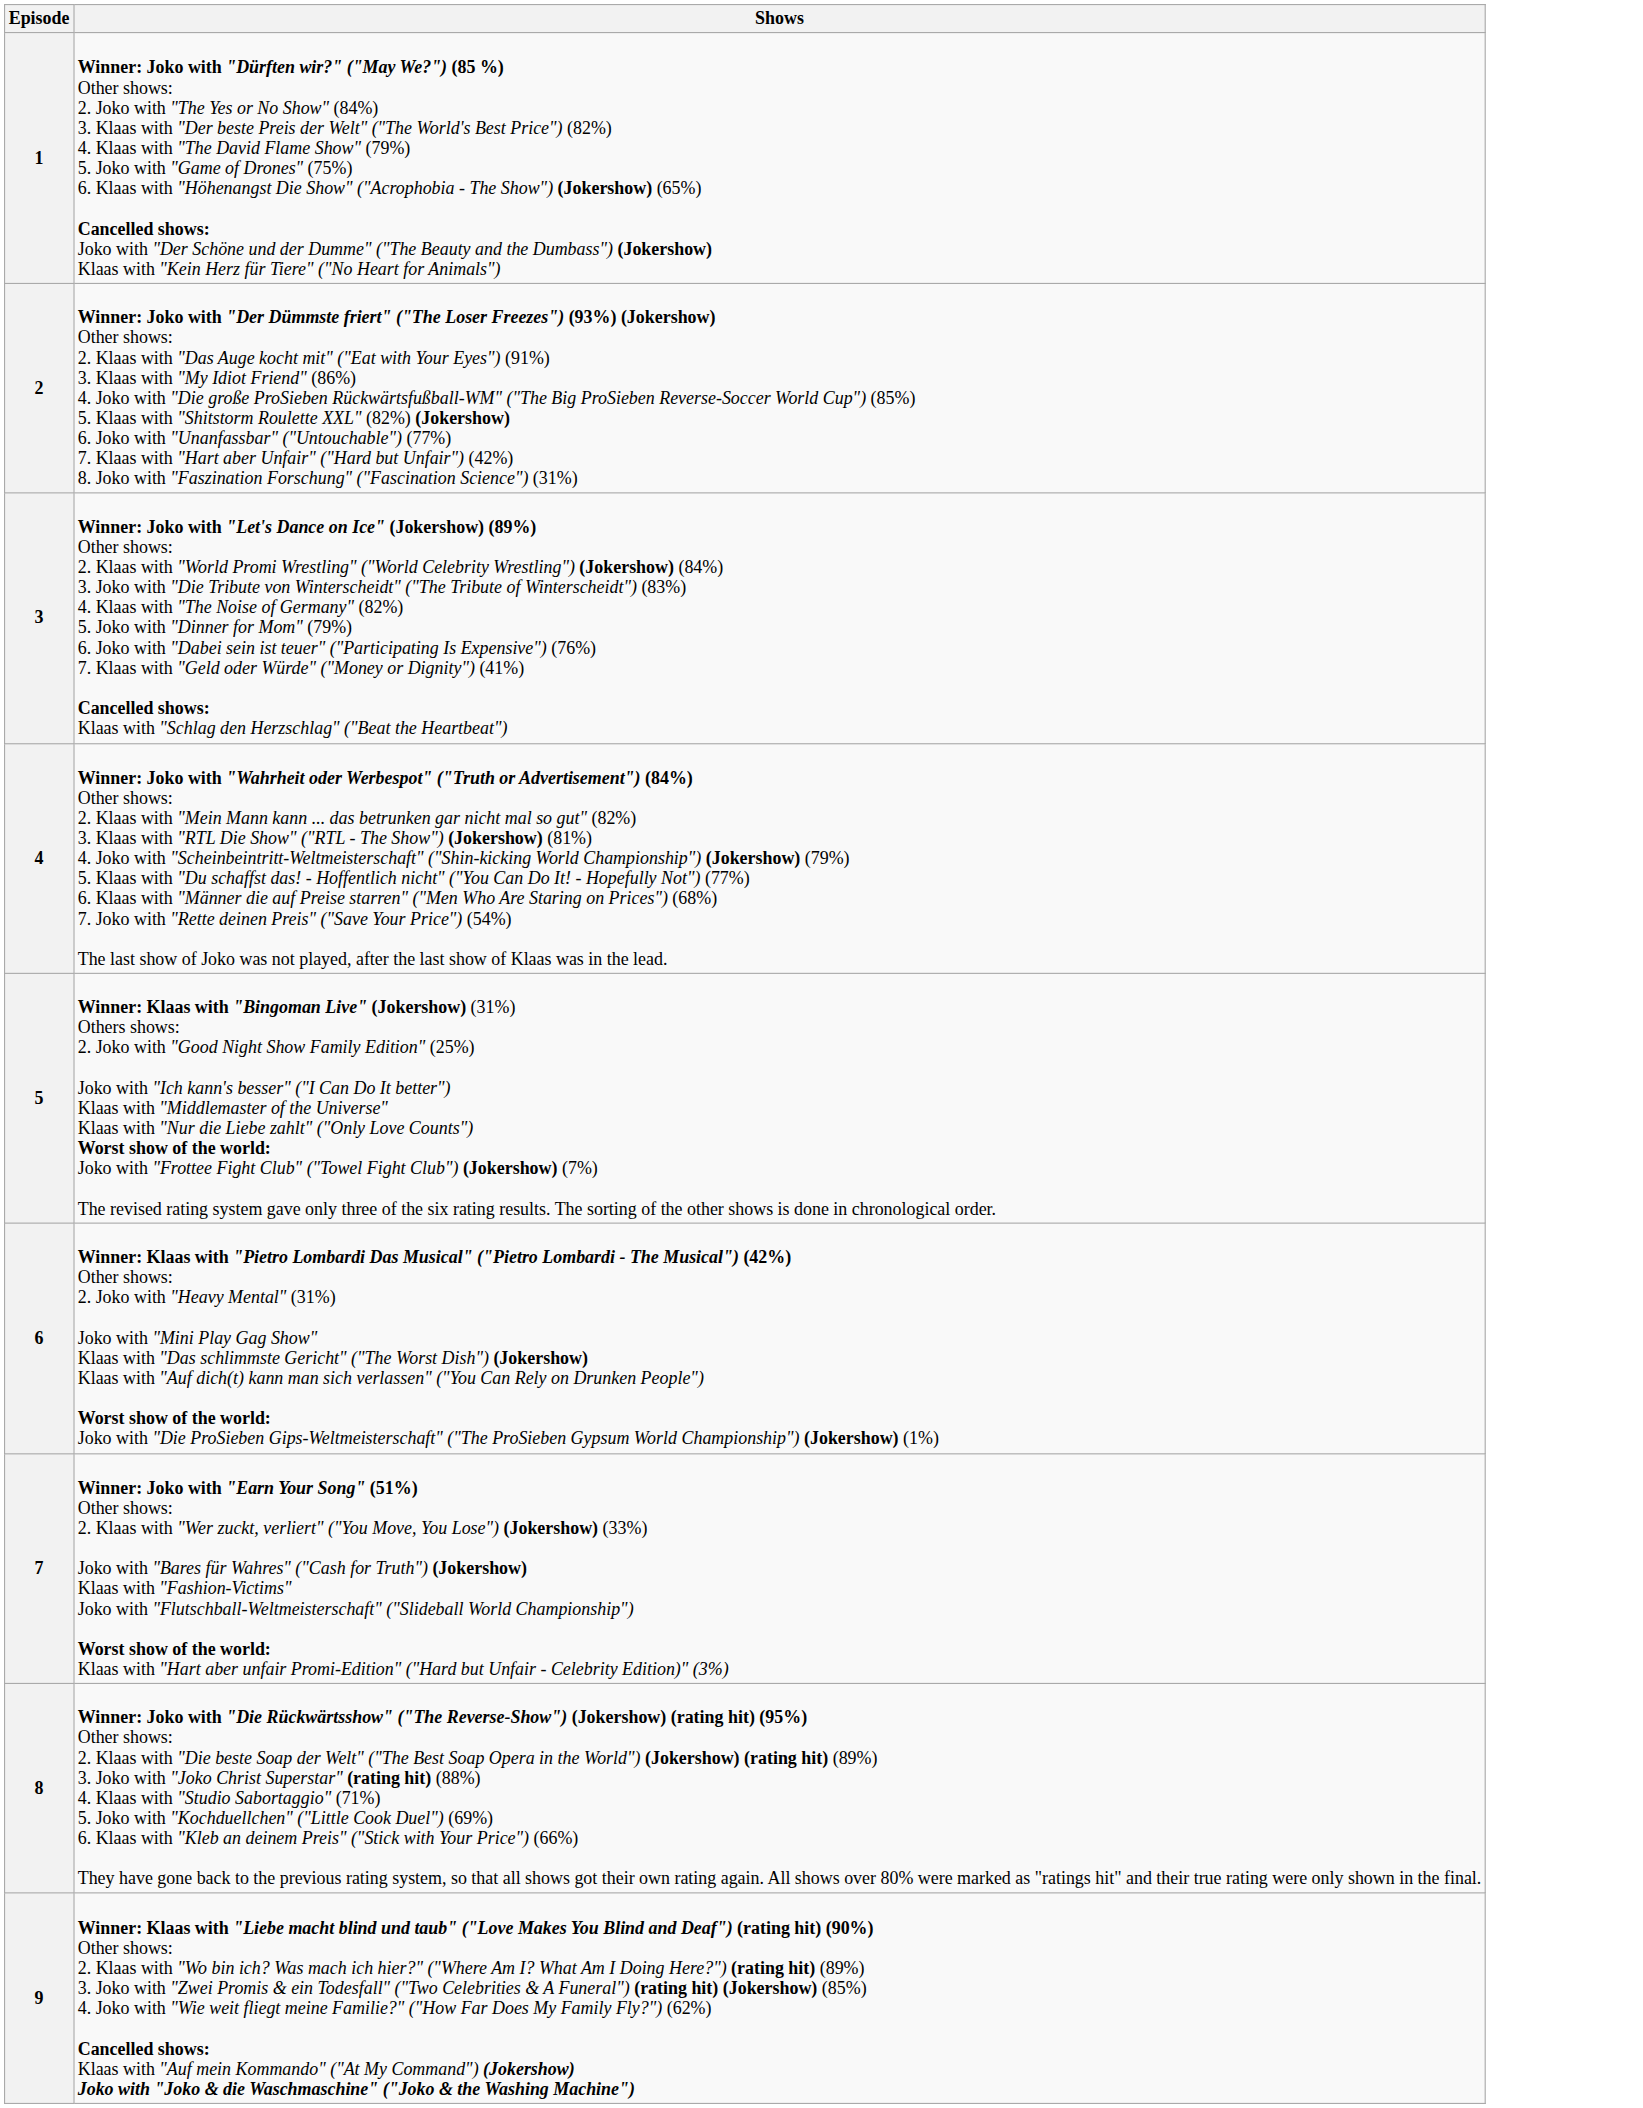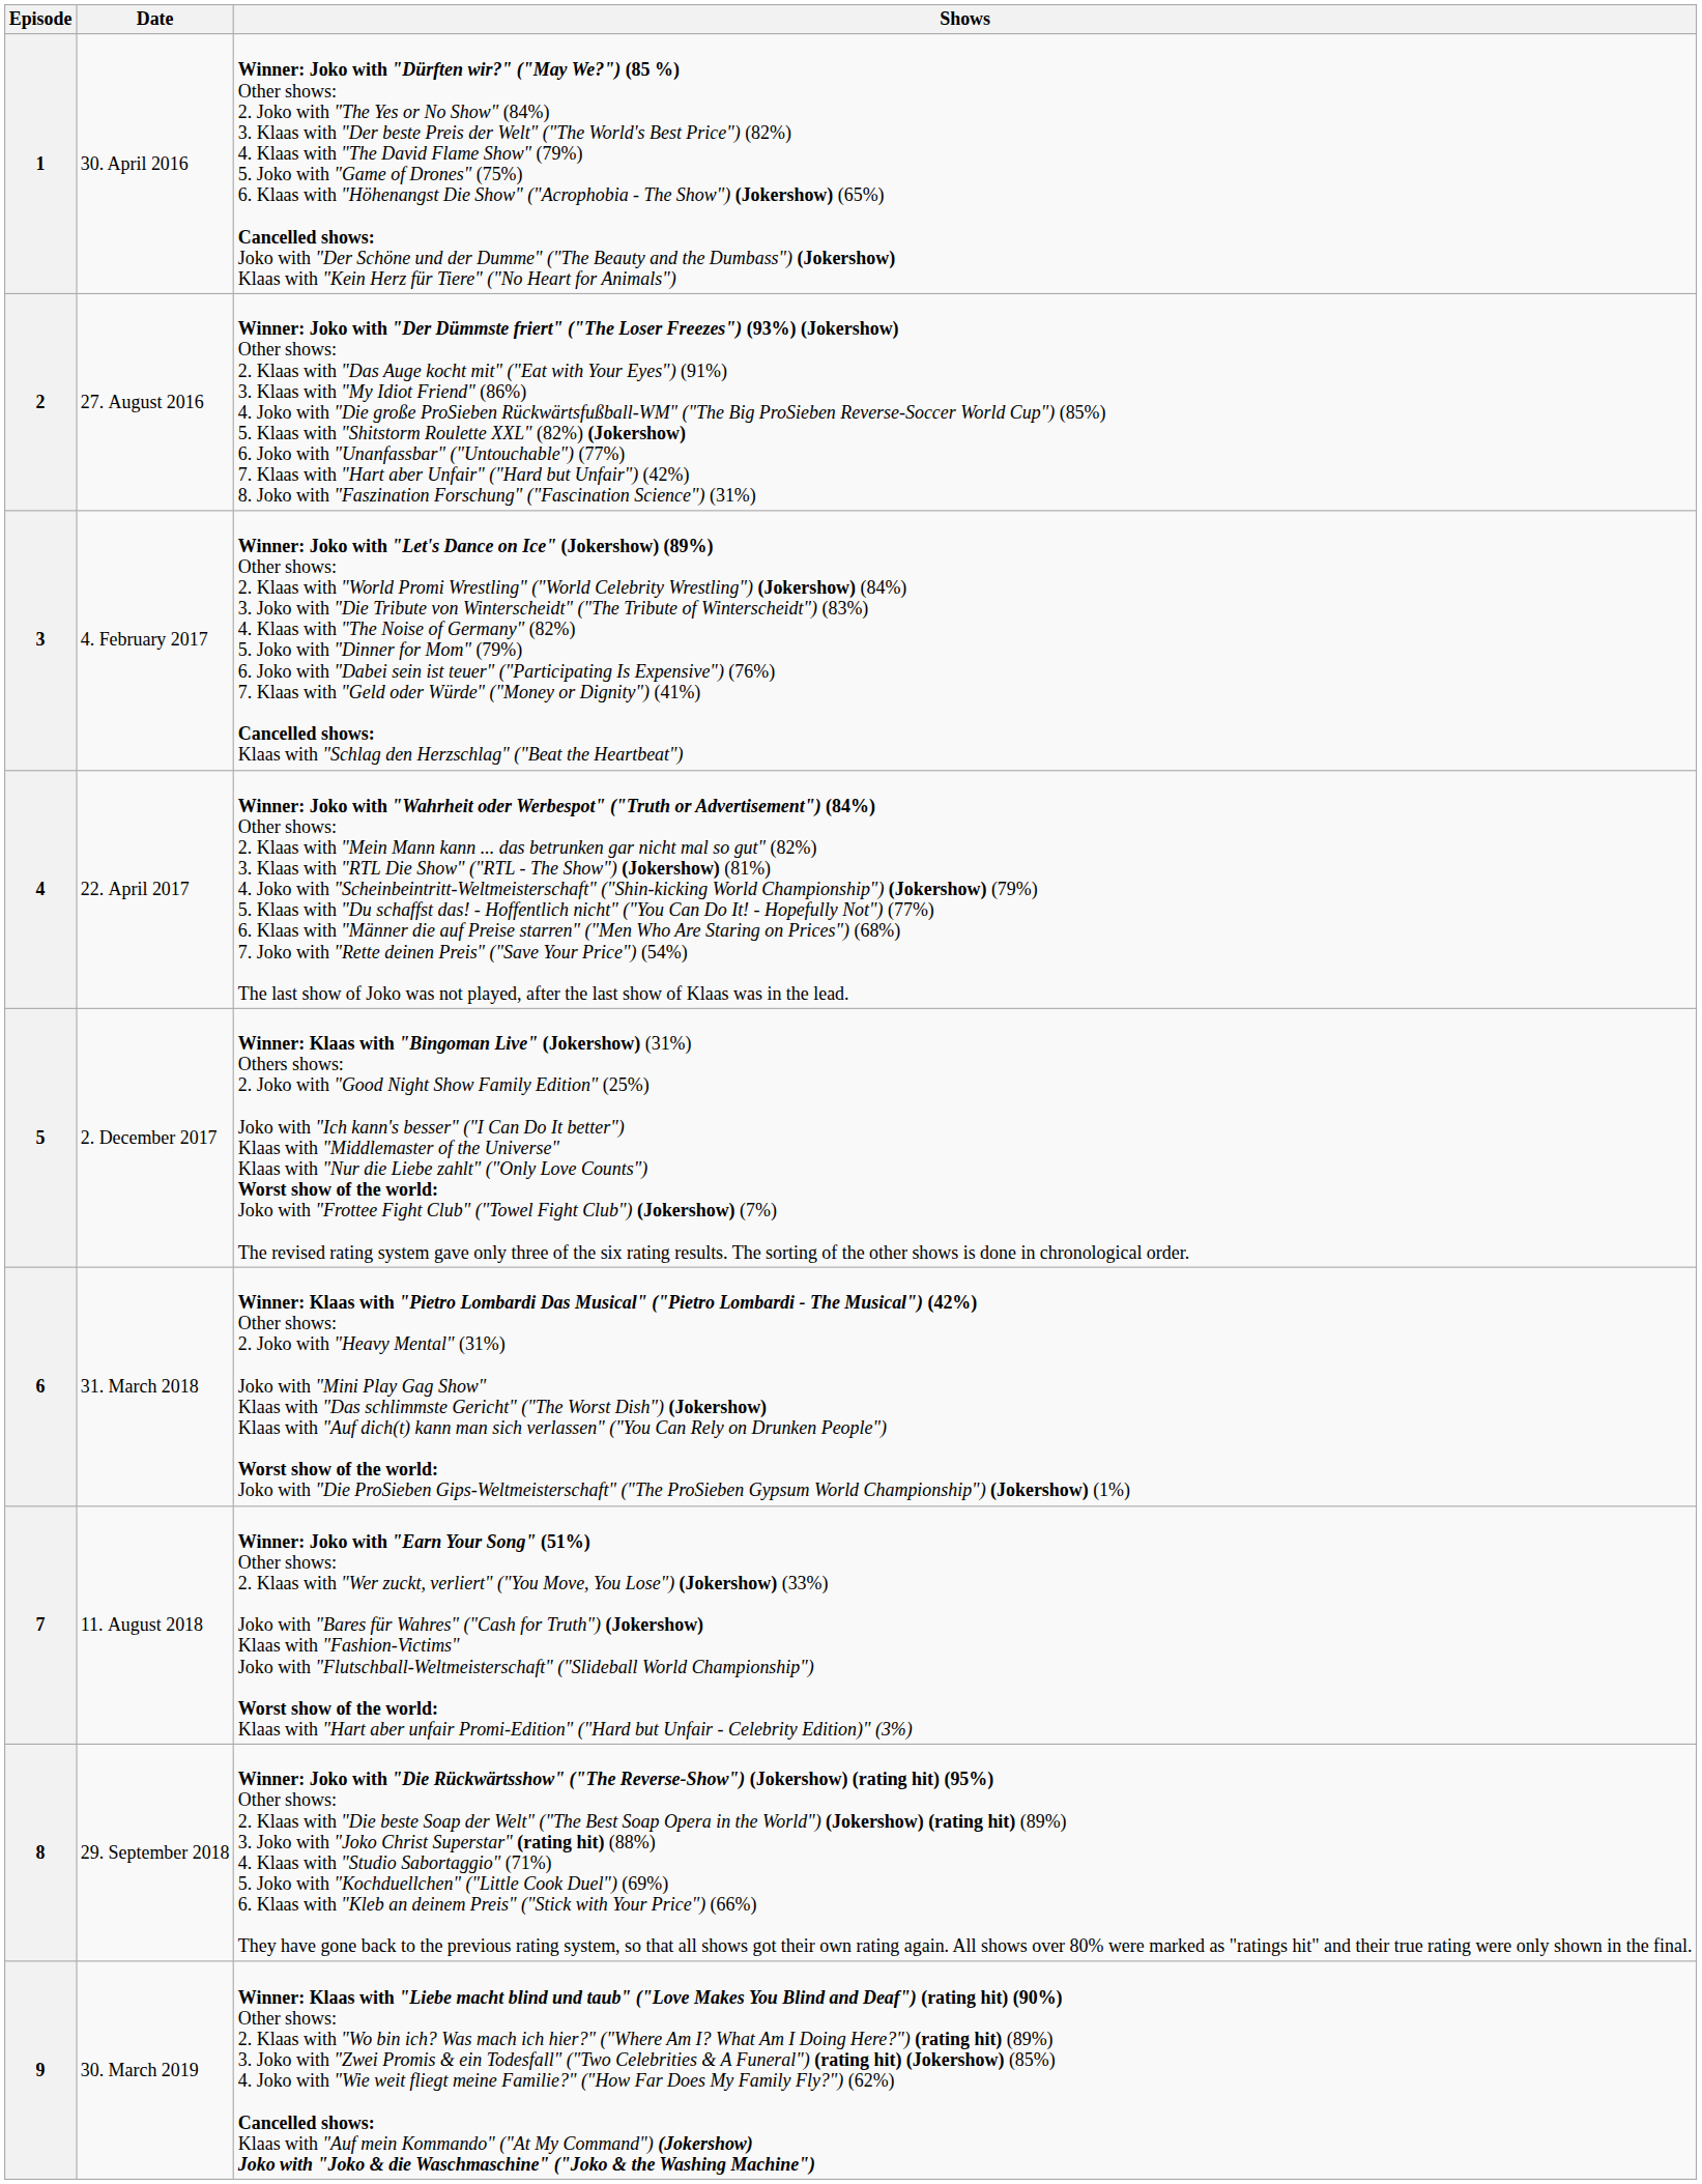 <table class="wikitable">
 <tr>
 <th>Episode</th>
+<th>Date</th>
 <th>Shows</th>
 </tr>
 <tr>
 <th>1</th>
+<td>30. April 2016</td>
 <td><br><strong>Winner: Joko with <em>"Dürften wir?" ("May We?")</em> (85 %)</strong><br> Other shows:<br> 2. Joko with <em>"The Yes or No Show"</em> (84%) <br> 3. Klaas with <em>"Der beste Preis der Welt" ("The World's Best Price")</em> (82%)<br> 4. Klaas with <em>"The David Flame Show"</em> (79%)<br> 5. Joko with <em>"Game of Drones"</em> (75%)<br> 6. Klaas with <em>"Höhenangst Die Show" ("Acrophobia - The Show")</em> <strong>(Jokershow)</strong> (65%)<br><br><strong>Cancelled shows:</strong><br> Joko with <em>"Der Schöne und der Dumme" ("The Beauty and the Dumbass")</em> <strong>(Jokershow)</strong><br> Klaas with <em>"Kein Herz für Tiere" ("No Heart for Animals")</em></td>
 </tr>
 <tr>
 <th>2</th>
+<td>27. August 2016</td>
 <td><br><strong>Winner: Joko with <em>"Der Dümmste friert" ("The Loser Freezes")</em> (93%) (Jokershow)</strong><br> Other shows:<br> 2. Klaas with <em>"Das Auge kocht mit" ("Eat with Your Eyes")</em> (91%)<br> 3. Klaas with <em>"My Idiot Friend"</em> (86%)<br> 4. Joko with <em>"Die große ProSieben Rückwärtsfußball-WM" ("The Big ProSieben Reverse-Soccer World Cup")</em> (85%)<br> 5. Klaas with <em>"Shitstorm Roulette XXL"</em> (82%) <strong>(Jokershow)</strong><br> 6. Joko with <em>"Unanfassbar" ("Untouchable")</em> (77%)<br> 7. Klaas with <em>"Hart aber Unfair" ("Hard but Unfair")</em> (42%)<br> 8. Joko with <em>"Faszination Forschung" ("Fascination Science")</em> (31%)<br></td>
 </tr>
 <tr>
 <th>3</th>
+<td>4. February 2017</td>
 <td><br><strong>Winner: Joko with <em>"Let's Dance on Ice"</em> (Jokershow) (89%)</strong> <br> Other shows:<br> 2. Klaas with <em>"World Promi Wrestling" ("World Celebrity Wrestling")</em> <strong>(Jokershow)</strong> (84%)<br> 3. Joko with <em>"Die Tribute von Winterscheidt" ("The Tribute of Winterscheidt")</em> (83%)<br> 4. Klaas with <em>"The Noise of Germany"</em> (82%)<br> 5. Joko with <em>"Dinner for Mom"</em> (79%)<br> 6. Joko with <em>"Dabei sein ist teuer" ("Participating Is Expensive")</em> (76%)<br> 7. Klaas with <em>"Geld oder Würde" ("Money or Dignity")</em> (41%)<br><br><strong>Cancelled shows:</strong><br> Klaas with <em>"Schlag den Herzschlag" ("Beat the Heartbeat")</em><br></td>
 </tr>
 <tr>
 <th>4</th>
+<td>22. April 2017</td>
 <td><br><strong>Winner: Joko with <em>"Wahrheit oder Werbespot" ("Truth or Advertisement")</em> (84%)</strong> <br> Other shows:<br> 2. Klaas with <em>"Mein Mann kann ... das betrunken gar nicht mal so gut"</em> (82%)<br> 3. Klaas with <em>"RTL Die Show" ("RTL - The Show")</em> <strong>(Jokershow)</strong> (81%)<br> 4. Joko with <em>"Scheinbeintritt-Weltmeisterschaft" ("Shin-kicking World Championship")</em> <strong>(Jokershow)</strong> (79%)<br> 5. Klaas with <em>"Du schaffst das! - Hoffentlich nicht" ("You Can Do It! - Hopefully Not")</em> (77%)<br> 6. Klaas with <em>"Männer die auf Preise starren" ("Men Who Are Staring on Prices")</em> (68%)<br> 7. Joko with <em>"Rette deinen Preis" ("Save Your Price")</em> (54%)<br><br>The last show of Joko was not played, after the last show of Klaas was in the lead.</td>
 </tr>
 <tr>
 <th>5</th>
+<td>2. December 2017</td>
 <td><br><strong>Winner: Klaas with <em>"Bingoman Live"</em> (Jokershow)</strong> (31%)<br> Others shows:<br> 2. Joko with <em>"Good Night Show Family Edition"</em> (25%)<br><br>Joko with <em>"Ich kann's besser" ("I Can Do It better")</em><br> Klaas with <em>"Middlemaster of the Universe"</em><br> Klaas with <em>"Nur die Liebe zahlt" ("Only Love Counts")</em><br><strong>Worst show of the world:</strong><br> Joko with <em>"Frottee Fight Club" ("Towel Fight Club")</em> <strong>(Jokershow)</strong> (7%) <br><br>The revised rating system gave only three of the six rating results. The sorting of the other shows is done in chronological order.</td>
 </tr>
 <tr>
 <th>6</th>
+<td>31. March 2018</td>
 <td><br><strong>Winner: Klaas with <em>"Pietro Lombardi Das Musical" ("Pietro Lombardi - The Musical")</em> (42%)</strong> <br> Other shows:<br> 2. Joko with <em>"Heavy Mental"</em> (31%)<br><br>Joko with <em>"Mini Play Gag Show"</em><br> Klaas with <em>"Das schlimmste Gericht" ("The Worst Dish")</em> <strong>(Jokershow)</strong><br> Klaas with <em>"Auf dich(t) kann man sich verlassen" ("You Can Rely on Drunken People")</em> <br><br><strong>Worst show of the world:</strong><br> Joko with <em>"Die ProSieben Gips-Weltmeisterschaft"</em> <em>("The ProSieben Gypsum World Championship")</em> <strong>(Jokershow)</strong> (1%)<br></td>
 </tr>
 <tr>
 <th>7</th>
+<td>11. August 2018</td>
 <td><br><strong>Winner: Joko with <em>"Earn Your Song"</em> (51%)</strong><br> Other shows:<br> 2. Klaas with <em>"Wer zuckt, verliert" ("You Move, You Lose")</em> <strong>(Jokershow)</strong> (33%)<br><br>Joko with <em>"Bares für Wahres" ("Cash for Truth")</em> <strong>(Jokershow)</strong><br> Klaas with <em>"Fashion-Victims"</em><br> Joko with <em>"Flutschball-Weltmeisterschaft" ("Slideball World Championship")</em><br><br><strong>Worst show of the world:</strong><br> Klaas with <em>"Hart aber unfair Promi-Edition" ("Hard but Unfair - Celebrity Edition)" (3%)<br></em></td>
 </tr>
 <tr>
 <th>8</th>
+<td>29. September 2018</td>
 <td><br><strong>Winner: Joko with <em>"Die Rückwärtsshow" ("The Reverse-Show")</em> (Jokershow) (rating hit) (95%)</strong><br> Other shows:<br> 2. Klaas with <em>"Die beste Soap der Welt" ("The Best Soap Opera in the World")</em> <strong>(Jokershow) (rating hit)</strong> (89%)<br> 3. Joko with <em>"Joko Christ Superstar"</em> <strong>(rating hit)</strong> (88%)<br> 4. Klaas with <em>"Studio Sabortaggio"</em> (71%)<br> 5. Joko with <em>"Kochduellchen" ("Little Cook Duel")</em> (69%)<br> 6. Klaas with <em>"Kleb an deinem Preis" ("Stick with Your Price")</em> (66%)<br><br>They have gone back to the previous rating system, so that all shows got their own rating again. All shows over 80% were marked as "ratings hit" and their true rating were only shown in the final.</td>
 </tr>
 <tr>
 <th>9</th>
+<td>30. March 2019</td>
 <td><br><strong>Winner: Klaas with <em>"Liebe macht blind und taub" ("Love Makes You Blind and Deaf")</em> (rating hit) (90%)<br></strong> Other shows:<br> 2. Klaas with <em>"Wo bin ich? Was mach ich hier?" ("Where Am I? What Am I Doing Here?")</em> <strong>(rating hit)</strong> (89%)<br> 3. Joko with <em>"Zwei Promis & ein Todesfall" ("Two Celebrities & A Funeral")</em> <strong>(rating hit) (Jokershow)</strong> (85%)<br> 4. Joko with <em>"Wie weit fliegt meine Familie?" ("How Far Does My Family Fly?")</em> (62%)<br><br><strong>Cancelled shows:</strong><br> Klaas with <em>"Auf mein Kommando" ("At My Command") <strong><em>(Jokershow)<strong> <br> Joko with </em>"Joko & die Waschmaschine" ("Joko & the Washing Machine")<em><br></td>
 </tr>
 </table>
